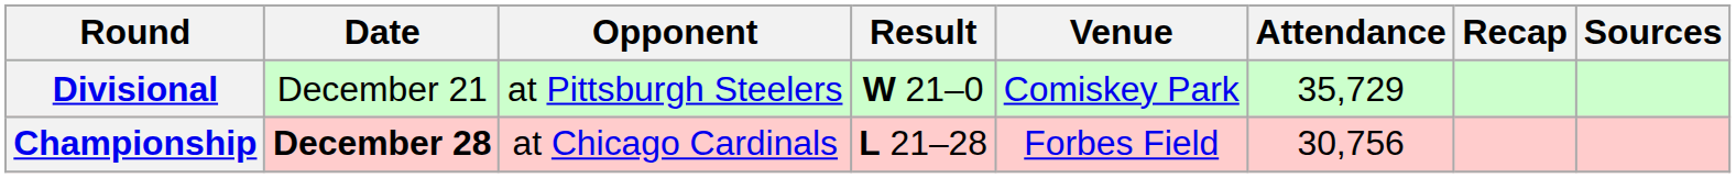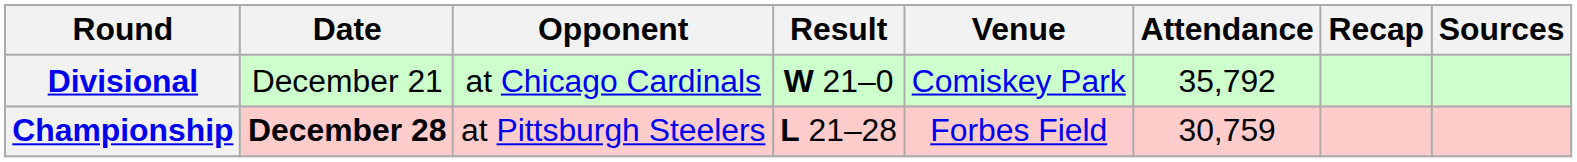 <table class="wikitable" style="text-align:center">
 <tr>
 <th>Round</th>
 <th>Date</th>
 <th>Opponent</th>
 <th>Result</th>
 <th>Venue</th>
 <th>Attendance</th>
 <th>Recap</th>
 <th>Sources</th>
 </tr>
 <tr style="background:#cfc">
 <th><a href='#'>Divisional</a></th>
 <td>December 21</td>
-<td>at <a href='#'>Pittsburgh Steelers</a></td>
+<td>at <a href='#'>Chicago Cardinals</a></td>
 <td><strong>W</strong> 21–0</td>
 <td><a href='#'>Comiskey Park</a></td>
-<td>35,729</td>
+<td>35,792</td>
 <td></td>
 <td></td>
 </tr>
 <tr style="background:#fcc">
 <th><a href='#'>Championship</a></th>
 <td><strong>December 28</strong></td>
-<td>at <a href='#'>Chicago Cardinals</a></td>
+<td>at <a href='#'>Pittsburgh Steelers</a></td>
 <td><strong>L</strong> 21–28</td>
 <td><a href='#'>Forbes Field</a></td>
-<td>30,756</td>
+<td>30,759</td>
 <td></td>
 <td></td>
 </tr>
 </table>
